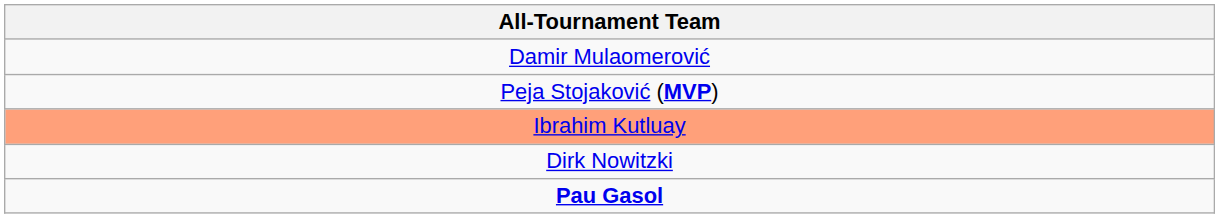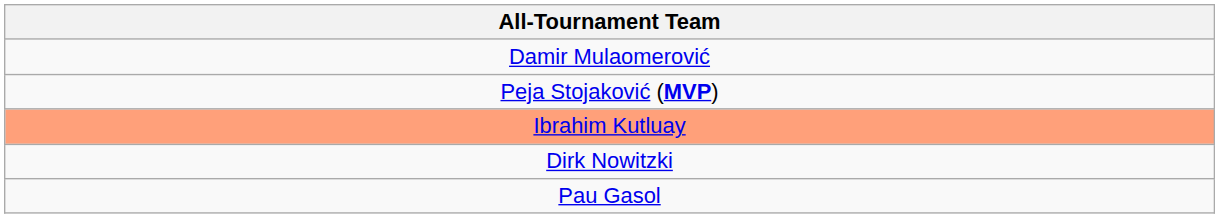 <table class="wikitable sortable" style="text-align:center; width: 100%">
 <tr>
 <th>All-Tournament Team</th>
 </tr>
 <tr>
 <td> <a href='#'>Damir Mulaomerović</a></td>
 </tr>
 <tr>
 <td> <a href='#'>Peja Stojaković</a> (<strong><a href='#'>MVP</a></strong>)</td>
 </tr>
 <tr>
 <td style="background: lightsalmon;"> <a href='#'>Ibrahim Kutluay</a></td>
 </tr>
 <tr>
 <td> <a href='#'>Dirk Nowitzki</a></td>
 </tr>
 <tr>
-<td><strong> <a href='#'>Pau Gasol</a></strong></td>
+<td> <a href='#'>Pau Gasol</a></td>
 </tr>
 </table>
